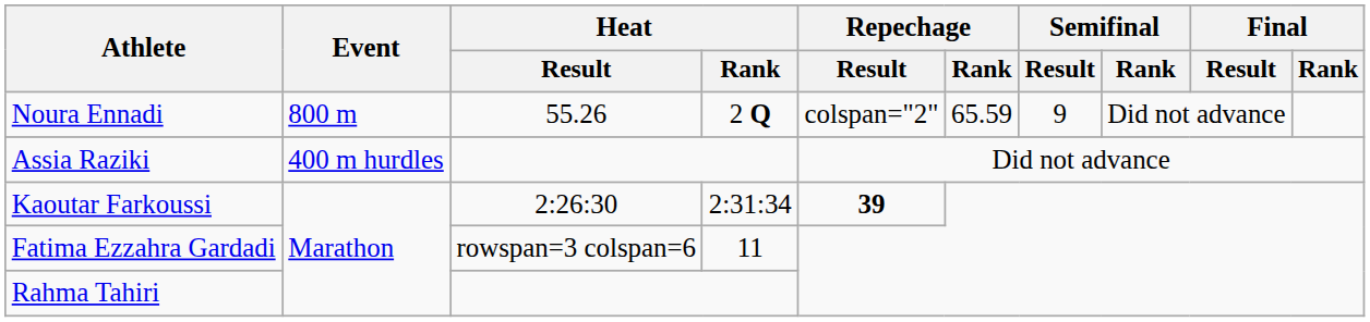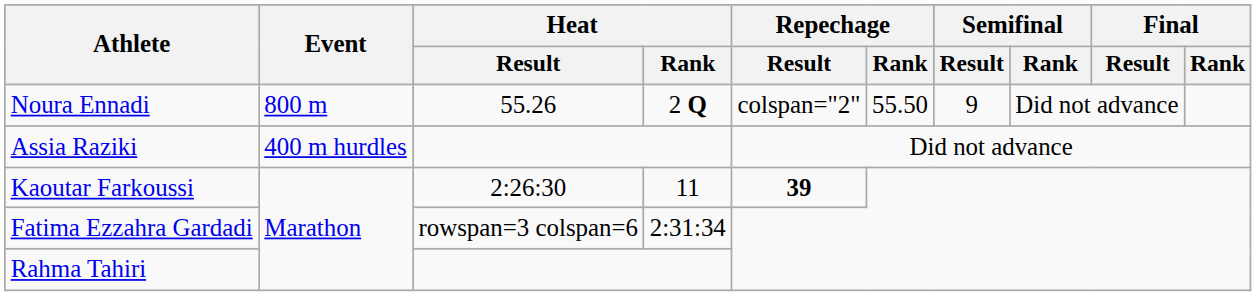 <table class="wikitable" style="font-size:90%">
 <tr>
 <th rowspan="2">Athlete</th>
 <th rowspan="2">Event</th>
 <th colspan="2">Heat</th>
 <th colspan="2">Repechage</th>
 <th colspan="2">Semifinal</th>
 <th colspan="2">Final</th>
 </tr>
 <tr style="font-size:95%">
 <th>Result</th>
 <th>Rank</th>
 <th>Result</th>
 <th>Rank</th>
 <th>Result</th>
 <th>Rank</th>
 <th>Result</th>
 <th>Rank</th>
 </tr>
 <tr align=center>
 <td align=left><a href='#'>Noura Ennadi</a></td>
 <td align=left><a href='#'>800 m</a></td>
 <td>55.26</td>
 <td>2 <strong>Q</strong></td>
 <td>colspan="2" </td>
-<td>65.59</td>
+<td>55.50</td>
 <td>9</td>
 <td colspan="2">Did not advance</td>
 </tr>
 <tr align=center>
 <td align=left><a href='#'>Assia Raziki</a></td>
 <td align=left><a href='#'>400 m hurdles</a></td>
 <td colspan="2"></td>
 <td colspan="6">Did not advance</td>
 </tr>
 <tr align=center>
 <td align=left><a href='#'>Kaoutar Farkoussi</a></td>
 <td align=left rowspan=3><a href='#'>Marathon</a></td>
 <td>2:26:30</td>
-<td>2:31:34</td>
+<td>11</td>
 <td><strong>39</strong></td>
 </tr>
 <tr align=center>
 <td align=left><a href='#'>Fatima Ezzahra Gardadi</a></td>
 <td>rowspan=3 colspan=6 </td>
-<td>11</td>
+<td>2:31:34</td>
 </tr>
 <tr align=center>
 <td align=left><a href='#'>Rahma Tahiri</a></td>
 <td colspan=2></td>
 </tr>
 </table>
